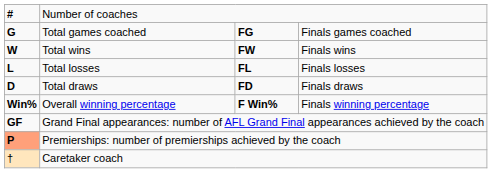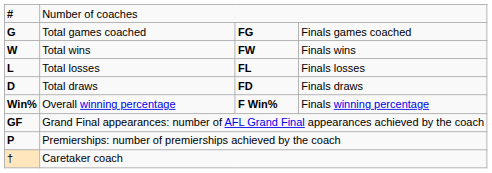 <table class="wikitable" style="font-size:80%;">
 <tr>
 <td><strong>#</strong></td>
 <td colspan="3">Number of coaches</td>
 </tr>
 <tr>
 <td><strong>G</strong></td>
 <td>Total games coached</td>
 <td><strong>FG</strong></td>
 <td>Finals games coached</td>
 </tr>
 <tr>
 <td><strong>W</strong></td>
 <td>Total wins</td>
 <td><strong>FW</strong></td>
 <td>Finals wins</td>
 </tr>
 <tr>
 <td><strong>L</strong></td>
 <td>Total losses</td>
 <td><strong>FL</strong></td>
 <td>Finals losses</td>
 </tr>
 <tr>
 <td><strong>D</strong></td>
 <td>Total draws</td>
 <td><strong>FD</strong></td>
 <td>Finals draws</td>
 </tr>
 <tr>
 <td><strong>Win%</strong></td>
 <td>Overall <a href='#'>winning percentage</a></td>
 <td><strong>F Win%</strong></td>
 <td>Finals <a href='#'>winning percentage</a></td>
 </tr>
 <tr>
 <td><strong>GF</strong></td>
 <td colspan="3">Grand Final appearances: number of <a href='#'>AFL Grand Final</a> appearances achieved by the coach</td>
 </tr>
 <tr>
-<td style="background: lightsalmon;"><strong>P</strong></td>
+<td><strong>P</strong></td>
 <td colspan="3">Premierships: number of premierships achieved by the coach</td>
 </tr>
 <tr>
 <td style="background-color:#ffe6bd">†</td>
 <td colspan="3">Caretaker coach </td>
 </tr>
 </table>
